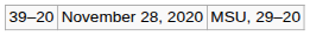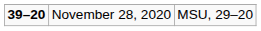 <table class="wikitable">
 <tr align="center">
 </tr>
 <tr align="center">
-<td>39–20</td>
+<td><strong>39–20</strong></td>
 <td>November 28, 2020</td>
 <td>MSU, 29–20</td>
 </tr>
 </table>
